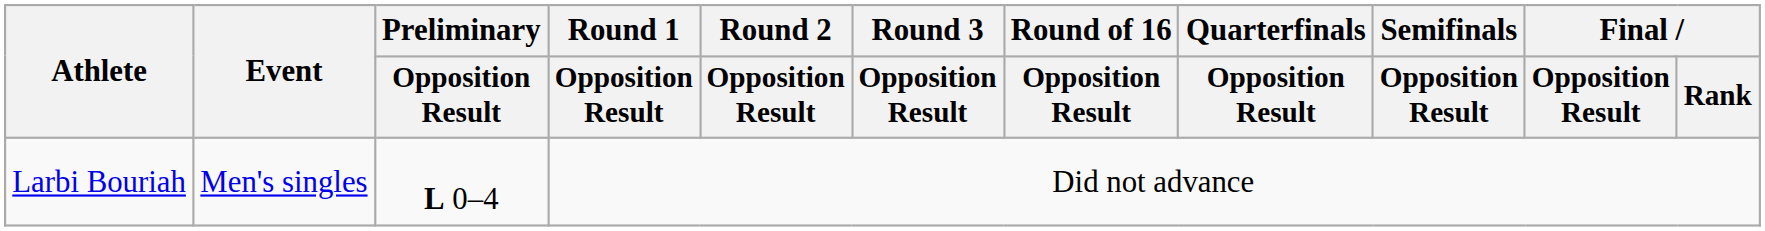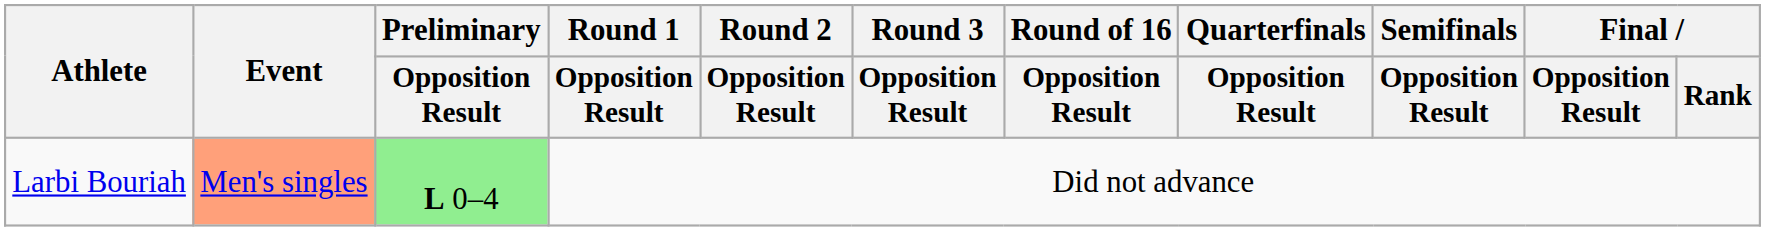 <table class="wikitable" style="font-size:90%;">
 <tr>
 <th rowspan=2>Athlete</th>
 <th rowspan=2>Event</th>
 <th>Preliminary</th>
 <th>Round 1</th>
 <th>Round 2</th>
 <th>Round 3</th>
 <th>Round of 16</th>
 <th>Quarterfinals</th>
 <th>Semifinals</th>
 <th colspan=2>Final / </th>
 </tr>
 <tr style="font-size:95%">
 <th>Opposition<br>Result</th>
 <th>Opposition<br>Result</th>
 <th>Opposition<br>Result</th>
 <th>Opposition<br>Result</th>
 <th>Opposition<br>Result</th>
 <th>Opposition<br>Result</th>
 <th>Opposition<br>Result</th>
 <th>Opposition<br>Result</th>
 <th>Rank</th>
 </tr>
 <tr align=center>
 <td align=left><a href='#'>Larbi Bouriah</a></td>
-<td align=left><a href='#'>Men's singles</a></td>
-<td><br><strong>L</strong> 0–4</td>
+<td align=left style="background: lightsalmon;"><a href='#'>Men's singles</a></td>
+<td style="background: lightgreen;"><br><strong>L</strong> 0–4</td>
 <td colspan=8>Did not advance</td>
 </tr>
 </table>
